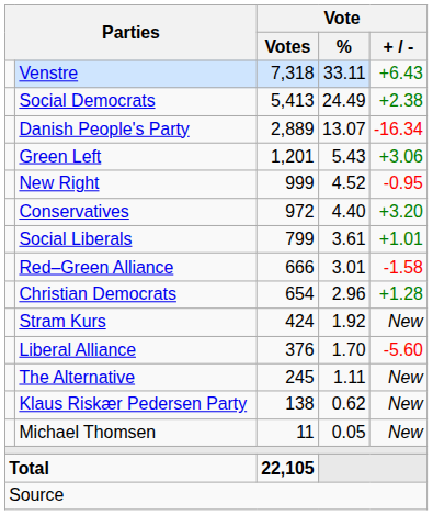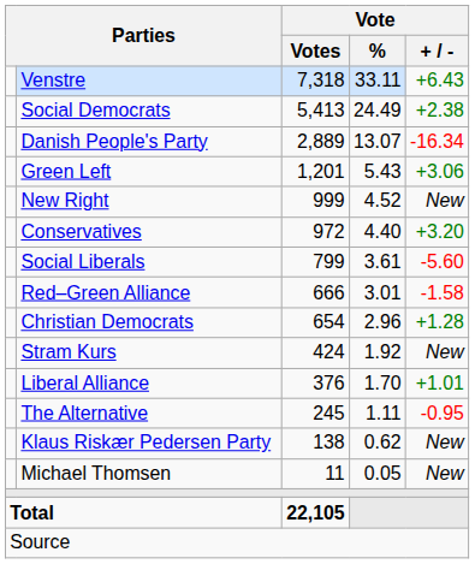 <table class="wikitable" style="text-align:right;">
 <tr>
 <th style="text-align:centre;" rowspan="2" colspan="2" width="225">Parties</th>
 <th colspan="3">Vote</th>
 </tr>
 <tr>
 <th width="15">Votes</th>
 <th width="15">%</th>
 <th width="15">+ / -</th>
 </tr>
 <tr>
 <td width="2" style="color:inherit;background:"></td>
 <td bgcolor=#cfe5fe  align="left"><a href='#'>Venstre</a></td>
 <td bgcolor=#cfe5fe>7,318</td>
 <td bgcolor=#cfe5fe>33.11</td>
 <td style=color:green;>+6.43</td>
 </tr>
 <tr>
 <td width="2" style="color:inherit;background:"></td>
 <td align="left"><a href='#'>Social Democrats</a></td>
 <td>5,413</td>
 <td>24.49</td>
 <td style=color:green;>+2.38</td>
 </tr>
 <tr>
 <td width="2" style="color:inherit;background:"></td>
 <td align="left"><a href='#'>Danish People's Party</a></td>
 <td>2,889</td>
 <td>13.07</td>
 <td style=color:red;>-16.34</td>
 </tr>
 <tr>
 <td width="2" style="color:inherit;background:"></td>
 <td align="left"><a href='#'>Green Left</a></td>
 <td>1,201</td>
 <td>5.43</td>
 <td style=color:green;>+3.06</td>
 </tr>
 <tr>
 <td width="2" style="color:inherit;background:"></td>
 <td align="left"><a href='#'>New Right</a></td>
 <td>999</td>
 <td>4.52</td>
-<td style=color:red;>-0.95</td>
+<td><em>New</em></td>
 </tr>
 <tr>
 <td width="2" style="color:inherit;background:"></td>
 <td align="left"><a href='#'>Conservatives</a></td>
 <td>972</td>
 <td>4.40</td>
 <td style=color:green;>+3.20</td>
 </tr>
 <tr>
 <td width="2" style="color:inherit;background:"></td>
 <td align="left"><a href='#'>Social Liberals</a></td>
 <td>799</td>
 <td>3.61</td>
-<td style=color:green;>+1.01</td>
+<td style=color:red;>-5.60</td>
 </tr>
 <tr>
 <td width="2" style="color:inherit;background:"></td>
 <td align="left"><a href='#'>Red–Green Alliance</a></td>
 <td>666</td>
 <td>3.01</td>
 <td style=color:red;>-1.58</td>
 </tr>
 <tr>
 <td width="2" style="color:inherit;background:"></td>
 <td align="left"><a href='#'>Christian Democrats</a></td>
 <td>654</td>
 <td>2.96</td>
 <td style=color:green;>+1.28</td>
 </tr>
 <tr>
 <td width="2" style="color:inherit;background:"></td>
 <td align="left"><a href='#'>Stram Kurs</a></td>
 <td>424</td>
 <td>1.92</td>
 <td><em>New</em></td>
 </tr>
 <tr>
 <td width="2" style="color:inherit;background:"></td>
 <td align="left"><a href='#'>Liberal Alliance</a></td>
 <td>376</td>
 <td>1.70</td>
-<td style=color:red;>-5.60</td>
+<td style=color:green;>+1.01</td>
 </tr>
 <tr>
 <td width="2" style="color:inherit;background:"></td>
 <td align="left"><a href='#'>The Alternative</a></td>
 <td>245</td>
 <td>1.11</td>
-<td><em>New</em></td>
+<td style=color:red;>-0.95</td>
 </tr>
 <tr>
 <td width="2" style="color:inherit;background:"></td>
 <td align="left"><a href='#'>Klaus Riskær Pedersen Party</a></td>
 <td>138</td>
 <td>0.62</td>
 <td><em>New</em></td>
 </tr>
 <tr>
 <td width="2" style="color:inherit;background:"></td>
 <td align="left">Michael Thomsen</td>
 <td>11</td>
 <td>0.05</td>
 <td><em>New</em></td>
 </tr>
 <tr>
 <td colspan="7" bgcolor="#E9E9E9"></td>
 </tr>
 <tr>
 <td align="left" colspan="2"><strong>Total</strong></td>
 <td><strong>22,105</strong></td>
 <td bgcolor="#E9E9E9" colspan="2"></td>
 </tr>
 <tr>
 <td align="left" colspan="6">Source</td>
 </tr>
 </table>
